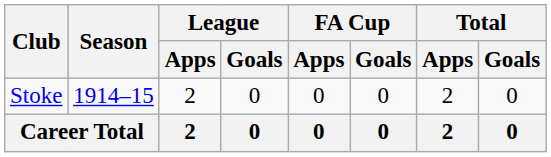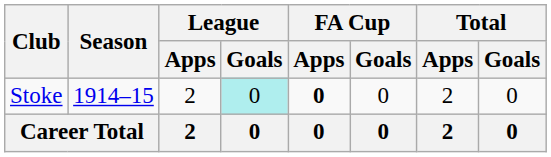 <table class="wikitable" style="text-align: center;">
 <tr>
 <th rowspan="2">Club</th>
 <th rowspan="2">Season</th>
 <th colspan="2">League</th>
 <th colspan="2">FA Cup</th>
 <th colspan="2">Total</th>
 </tr>
 <tr>
 <th>Apps</th>
 <th>Goals</th>
 <th>Apps</th>
 <th>Goals</th>
 <th>Apps</th>
 <th>Goals</th>
 </tr>
 <tr>
 <td><a href='#'>Stoke</a></td>
 <td><a href='#'>1914–15</a></td>
 <td>2</td>
-<td>0</td>
-<td>0</td>
+<td style="background: paleturquoise;">0</td>
+<td><strong>0</strong></td>
 <td>0</td>
 <td>2</td>
 <td>0</td>
 </tr>
 <tr>
 <th colspan="2">Career Total</th>
 <th>2</th>
 <th>0</th>
 <th>0</th>
 <th>0</th>
 <th>2</th>
 <th>0</th>
 </tr>
 </table>
